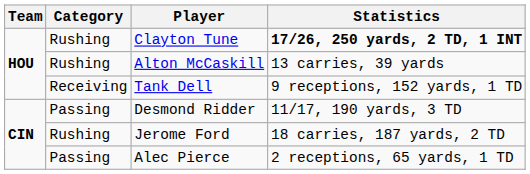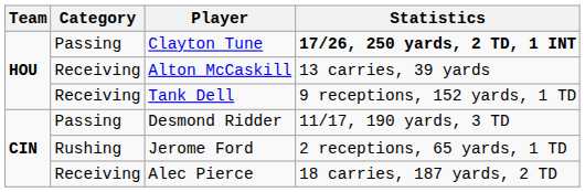 <table class="wikitable" style="float: left;">
 <tr>
 <th>Team</th>
 <th>Category</th>
 <th>Player</th>
 <th>Statistics</th>
 </tr>
 <tr>
 <td rowspan=3><strong>HOU</strong></td>
-<td>Rushing</td>
+<td>Passing</td>
 <td><a href='#'>Clayton Tune</a></td>
 <td><strong>17/26, 250 yards, 2 TD, 1 INT</strong></td>
 </tr>
 <tr>
-<td>Rushing</td>
+<td>Receiving</td>
 <td><a href='#'>Alton McCaskill</a></td>
 <td>13 carries, 39 yards</td>
 </tr>
 <tr>
 <td>Receiving</td>
 <td><a href='#'>Tank Dell</a></td>
 <td>9 receptions, 152 yards, 1 TD</td>
 </tr>
 <tr>
 <td rowspan=3><strong>CIN</strong></td>
 <td>Passing</td>
 <td>Desmond Ridder</td>
 <td>11/17, 190 yards, 3 TD</td>
 </tr>
 <tr>
 <td>Rushing</td>
 <td>Jerome Ford</td>
+<td>2 receptions, 65 yards, 1 TD</td>
+</tr>
+<tr>
+<td>Receiving</td>
+<td>Alec Pierce</td>
 <td>18 carries, 187 yards, 2 TD</td>
 </tr>
-<tr>
-<td>Passing</td>
-<td>Alec Pierce</td>
-<td>2 receptions, 65 yards, 1 TD</td>
-</tr>
 </table>
